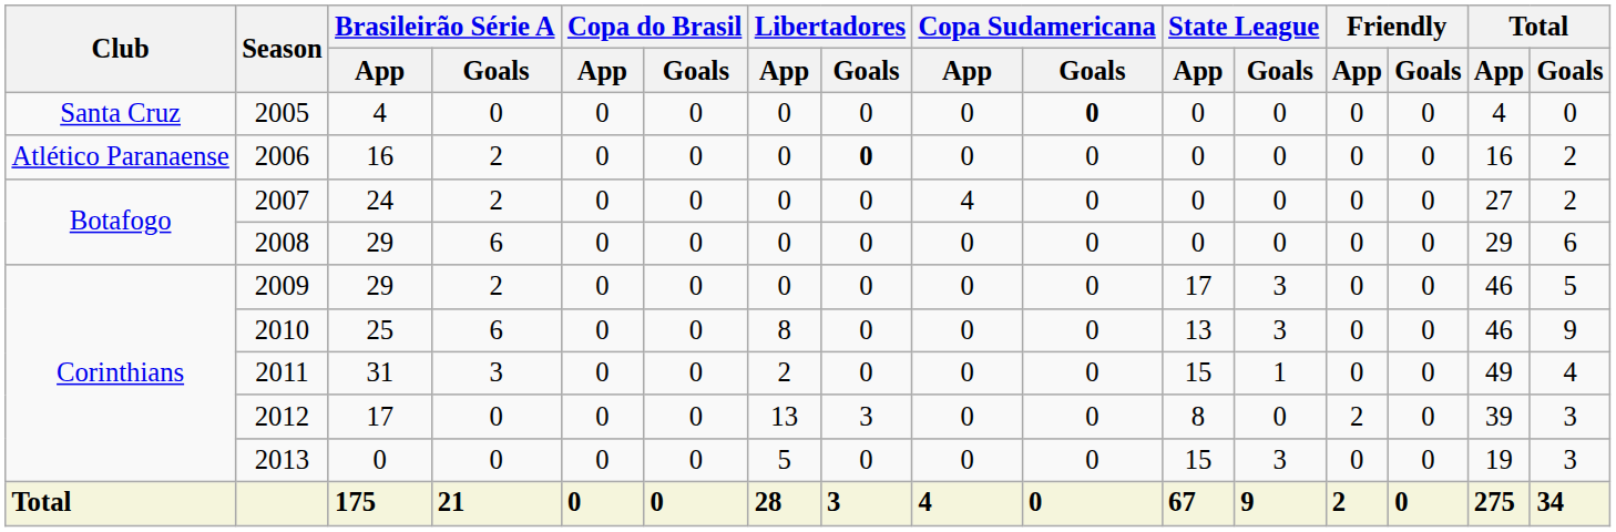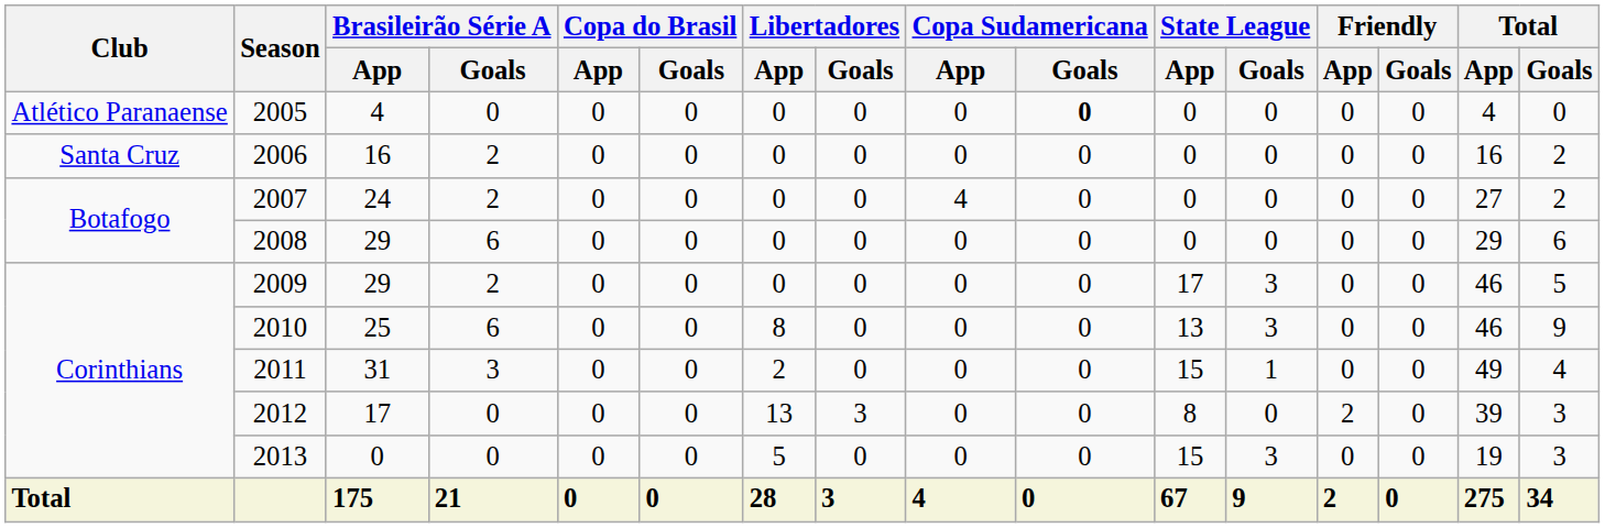 <table class="wikitable" style="text-align: center;">
 <tr>
 <th rowspan="2">Club</th>
 <th rowspan="2">Season</th>
 <th colspan="2"><a href='#'>Brasileirão Série A</a></th>
 <th colspan="2"><a href='#'>Copa do Brasil</a></th>
 <th colspan="2"><a href='#'>Libertadores</a></th>
 <th colspan="2"><a href='#'>Copa Sudamericana</a></th>
 <th colspan="2"><a href='#'>State League</a></th>
 <th colspan="2">Friendly</th>
 <th colspan="2">Total</th>
 </tr>
 <tr>
 <th>App</th>
 <th>Goals</th>
 <th>App</th>
 <th>Goals</th>
 <th>App</th>
 <th>Goals</th>
 <th>App</th>
 <th>Goals</th>
 <th>App</th>
 <th>Goals</th>
 <th>App</th>
 <th>Goals</th>
 <th>App</th>
 <th>Goals</th>
 </tr>
 <tr>
-<td rowspan="1"><a href='#'>Santa Cruz</a></td>
+<td rowspan="1"><a href='#'>Atlético Paranaense</a></td>
 <td>2005</td>
 <td>4</td>
 <td>0</td>
 <td>0</td>
 <td>0</td>
 <td>0</td>
 <td>0</td>
 <td>0</td>
 <td><strong>0</strong></td>
 <td>0</td>
 <td>0</td>
 <td>0</td>
 <td>0</td>
 <td>4</td>
 <td>0</td>
 </tr>
 <tr>
-<td rowspan="1"><a href='#'>Atlético Paranaense</a></td>
+<td rowspan="1"><a href='#'>Santa Cruz</a></td>
 <td>2006</td>
 <td>16</td>
 <td>2</td>
 <td>0</td>
 <td>0</td>
 <td>0</td>
-<td><strong>0</strong></td>
+<td>0</td>
 <td>0</td>
 <td>0</td>
 <td>0</td>
 <td>0</td>
 <td>0</td>
 <td>0</td>
 <td>16</td>
 <td>2</td>
 </tr>
 <tr>
 <td rowspan="2"><a href='#'>Botafogo</a></td>
 <td>2007</td>
 <td>24</td>
 <td>2</td>
 <td>0</td>
 <td>0</td>
 <td>0</td>
 <td>0</td>
 <td>4</td>
 <td>0</td>
 <td>0</td>
 <td>0</td>
 <td>0</td>
 <td>0</td>
 <td>27</td>
 <td>2</td>
 </tr>
 <tr>
 <td>2008</td>
 <td>29</td>
 <td>6</td>
 <td>0</td>
 <td>0</td>
 <td>0</td>
 <td>0</td>
 <td>0</td>
 <td>0</td>
 <td>0</td>
 <td>0</td>
 <td>0</td>
 <td>0</td>
 <td>29</td>
 <td>6</td>
 </tr>
 <tr>
 <td rowspan="5"><a href='#'>Corinthians</a></td>
 <td>2009</td>
 <td>29</td>
 <td>2</td>
 <td>0</td>
 <td>0</td>
 <td>0</td>
 <td>0</td>
 <td>0</td>
 <td>0</td>
 <td>17</td>
 <td>3</td>
 <td>0</td>
 <td>0</td>
 <td>46</td>
 <td>5</td>
 </tr>
 <tr>
 <td>2010</td>
 <td>25</td>
 <td>6</td>
 <td>0</td>
 <td>0</td>
 <td>8</td>
 <td>0</td>
 <td>0</td>
 <td>0</td>
 <td>13</td>
 <td>3</td>
 <td>0</td>
 <td>0</td>
 <td>46</td>
 <td>9</td>
 </tr>
 <tr>
 <td>2011</td>
 <td>31</td>
 <td>3</td>
 <td>0</td>
 <td>0</td>
 <td>2</td>
 <td>0</td>
 <td>0</td>
 <td>0</td>
 <td>15</td>
 <td>1</td>
 <td>0</td>
 <td>0</td>
 <td>49</td>
 <td>4</td>
 </tr>
 <tr>
 <td>2012</td>
 <td>17</td>
 <td>0</td>
 <td>0</td>
 <td>0</td>
 <td>13</td>
 <td>3</td>
 <td>0</td>
 <td>0</td>
 <td>8</td>
 <td>0</td>
 <td>2</td>
 <td>0</td>
 <td>39</td>
 <td>3</td>
 </tr>
 <tr>
 <td>2013</td>
 <td>0</td>
 <td>0</td>
 <td>0</td>
 <td>0</td>
 <td>5</td>
 <td>0</td>
 <td>0</td>
 <td>0</td>
 <td>15</td>
 <td>3</td>
 <td>0</td>
 <td>0</td>
 <td>19</td>
 <td>3</td>
 </tr>
 <tr>
 <th style="text-align:left; background:beige;">Total</th>
 <th style="text-align:left; background:beige;"></th>
 <th style="text-align:left; background:beige;">175</th>
 <th style="text-align:left; background:beige;">21</th>
 <th style="text-align:left; background:beige;">0</th>
 <th style="text-align:left; background:beige;">0</th>
 <th style="text-align:left; background:beige;">28</th>
 <th style="text-align:left; background:beige;">3</th>
 <th style="text-align:left; background:beige;">4</th>
 <th style="text-align:left; background:beige;">0</th>
 <th style="text-align:left; background:beige;">67</th>
 <th style="text-align:left; background:beige;">9</th>
 <th style="text-align:left; background:beige;">2</th>
 <th style="text-align:left; background:beige;">0</th>
 <th style="text-align:left; background:beige;">275</th>
 <th style="text-align:left; background:beige;">34</th>
 </tr>
 </table>
